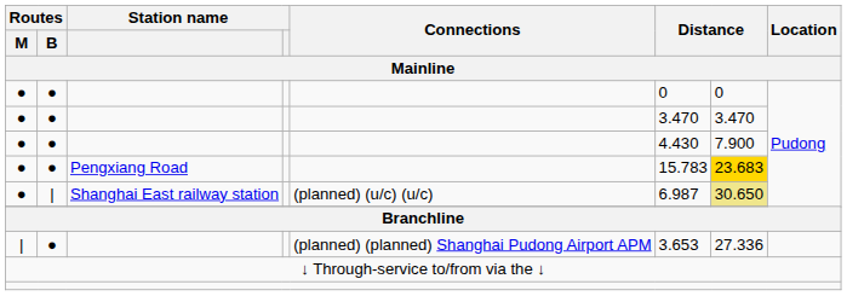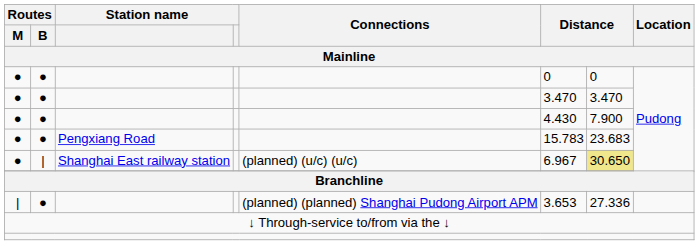 <table class="wikitable">
 <tr>
 <th rowspan="1" colspan="2">Routes</th>
 <th colspan="2">Station name</th>
 <th rowspan="2">Connections</th>
 <th colspan="2" rowspan="2">Distance<br></th>
 <th rowspan="2">Location</th>
 </tr>
 <tr>
 <th rowspan="1">M</th>
 <th rowspan="1">B</th>
 <th></th>
 <th></th>
 </tr>
 <tr style=background:#>
 <th colspan=11 style=background:#>Mainline</th>
 </tr>
 <tr>
 <td align="center">●</td>
 <td align="center">●</td>
 <td></td>
 <td></td>
 <td></td>
 <td>0</td>
 <td>0</td>
 <td rowspan = "6"><a href='#'>Pudong</a></td>
 </tr>
 <tr>
 <td align="center">●</td>
 <td align="center">●</td>
 <td></td>
 <td></td>
 <td></td>
 <td>3.470</td>
 <td>3.470</td>
 </tr>
 <tr>
 <td align="center">●</td>
 <td align="center">●</td>
 <td></td>
 <td></td>
 <td></td>
 <td>4.430</td>
 <td>7.900</td>
 </tr>
 <tr>
 <td align="center">●</td>
 <td align="center">●</td>
 <td><a href='#'>Pengxiang Road</a></td>
 <td></td>
 <td></td>
 <td>15.783</td>
-<td style="background: gold;">23.683</td>
+<td>23.683</td>
 </tr>
 <tr>
 <td align="center">●</td>
 <td align="center">|</td>
 <td><a href='#'>Shanghai East railway station</a></td>
 <td></td>
 <td> (planned)  (u/c)  (u/c)</td>
-<td>6.987</td>
+<td>6.967</td>
 <td style="background: khaki;">30.650</td>
 </tr>
 <tr>
 </tr>
 <tr style=background:#>
 <th colspan=11 style=background:#>Branchline</th>
 </tr>
 <tr>
 <td align="center">|</td>
 <td align="center">●</td>
 <td></td>
 <td></td>
 <td>  (planned)  (planned) <a href='#'>Shanghai Pudong Airport APM</a> </td>
 <td>3.653</td>
 <td>27.336</td>
 <td></td>
 </tr>
 <tr>
 <td colspan="8" align="center">↓ Through-service to/from  via the  ↓</td>
 </tr>
 <tr style="background:#">
 <td colspan = "8"></td>
 </tr>
 </table>
